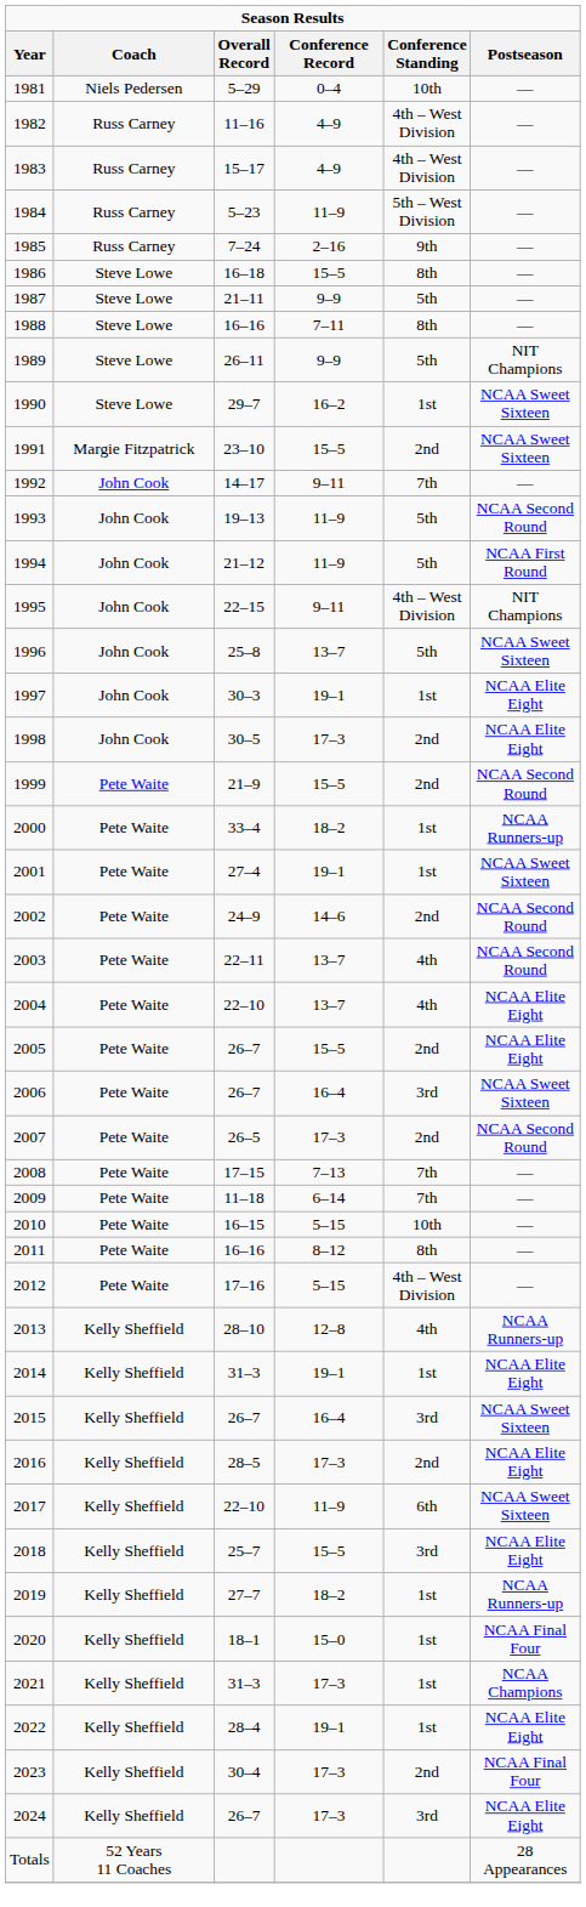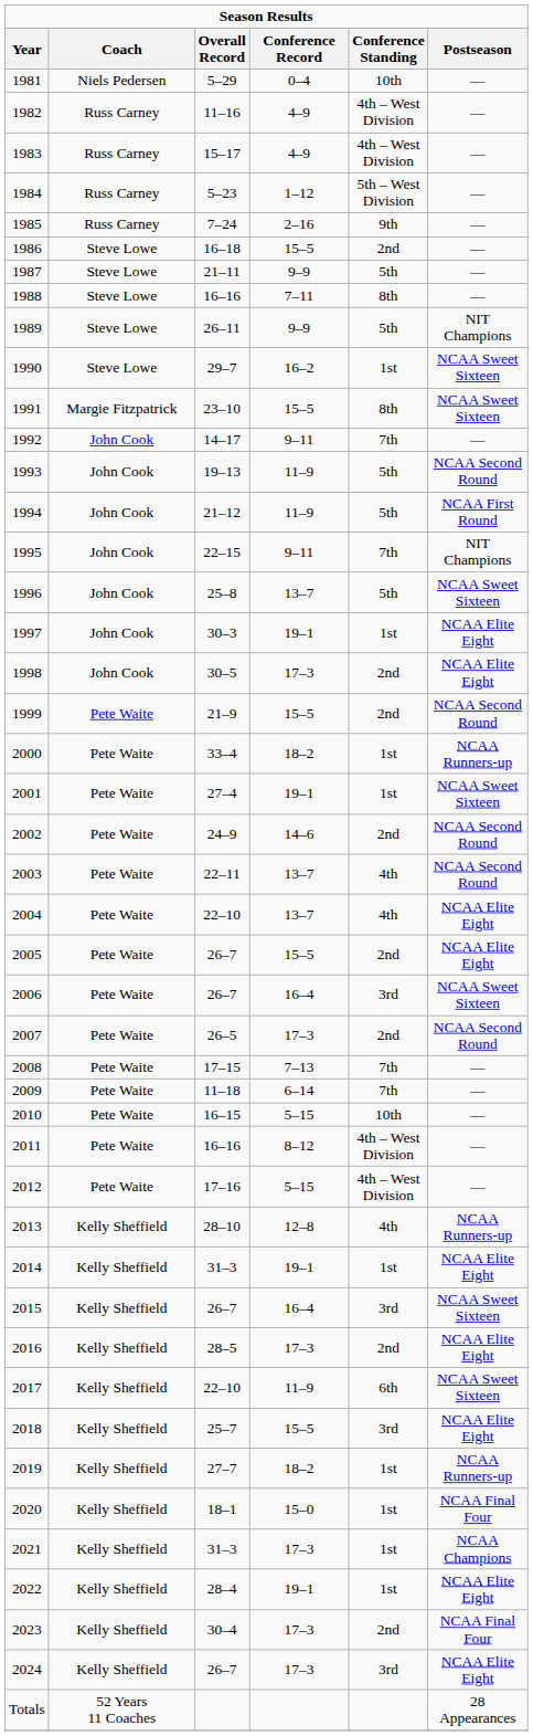 <table class="wikitable sortable" style="text-align:center">
 <tr>
 <td colspan="6"><strong>Season Results</strong></td>
 </tr>
 <tr>
 <th style="width:40px; ">Year</th>
 <th style="width:150px; ">Coach</th>
 <th style="width:40px; ">Overall Record</th>
 <th style="width:100px; ">Conference Record</th>
 <th style="width:40px; ">Conference Standing</th>
 <th style="width:100px; ">Postseason</th>
 </tr>
 <tr>
 <td>1981</td>
 <td>Niels Pedersen</td>
 <td>5–29</td>
 <td>0–4</td>
 <td>10th</td>
 <td>—</td>
 </tr>
 <tr>
 <td>1982</td>
 <td>Russ Carney</td>
 <td>11–16</td>
 <td>4–9</td>
 <td>4th – West Division</td>
 <td>—</td>
 </tr>
 <tr>
 <td>1983</td>
 <td>Russ Carney</td>
 <td>15–17</td>
 <td>4–9</td>
 <td>4th – West Division</td>
 <td>—</td>
 </tr>
 <tr>
 <td>1984</td>
 <td>Russ Carney</td>
 <td>5–23</td>
-<td>11–9</td>
+<td>1–12</td>
 <td>5th – West Division</td>
 <td>—</td>
 </tr>
 <tr>
 <td>1985</td>
 <td>Russ Carney</td>
 <td>7–24</td>
 <td>2–16</td>
 <td>9th</td>
 <td>—</td>
 </tr>
 <tr>
 <td>1986</td>
 <td>Steve Lowe</td>
 <td>16–18</td>
 <td>15–5</td>
-<td>8th</td>
+<td>2nd</td>
 <td>—</td>
 </tr>
 <tr>
 <td>1987</td>
 <td>Steve Lowe</td>
 <td>21–11</td>
 <td>9–9</td>
 <td>5th</td>
 <td>—</td>
 </tr>
 <tr>
 <td>1988</td>
 <td>Steve Lowe</td>
 <td>16–16</td>
 <td>7–11</td>
 <td>8th</td>
 <td>—</td>
 </tr>
 <tr>
 <td>1989</td>
 <td>Steve Lowe</td>
 <td>26–11</td>
 <td>9–9</td>
 <td>5th</td>
 <td>NIT Champions</td>
 </tr>
 <tr>
 <td>1990</td>
 <td>Steve Lowe</td>
 <td>29–7</td>
 <td>16–2</td>
 <td>1st</td>
 <td><a href='#'>NCAA Sweet Sixteen</a></td>
 </tr>
 <tr>
 <td>1991</td>
 <td>Margie Fitzpatrick</td>
 <td>23–10</td>
 <td>15–5</td>
-<td>2nd</td>
+<td>8th</td>
 <td><a href='#'>NCAA Sweet Sixteen</a></td>
 </tr>
 <tr>
 <td>1992</td>
 <td><a href='#'>John Cook</a></td>
 <td>14–17</td>
 <td>9–11</td>
 <td>7th</td>
 <td>—</td>
 </tr>
 <tr>
 <td>1993</td>
 <td>John Cook</td>
 <td>19–13</td>
 <td>11–9</td>
 <td>5th</td>
 <td><a href='#'>NCAA Second Round</a></td>
 </tr>
 <tr>
 <td>1994</td>
 <td>John Cook</td>
 <td>21–12</td>
 <td>11–9</td>
 <td>5th</td>
 <td><a href='#'>NCAA First Round</a></td>
 </tr>
 <tr>
 <td>1995</td>
 <td>John Cook</td>
 <td>22–15</td>
 <td>9–11</td>
-<td>4th – West Division</td>
+<td>7th</td>
 <td>NIT Champions</td>
 </tr>
 <tr>
 <td>1996</td>
 <td>John Cook</td>
 <td>25–8</td>
 <td>13–7</td>
 <td>5th</td>
 <td><a href='#'>NCAA Sweet Sixteen</a></td>
 </tr>
 <tr>
 <td>1997</td>
 <td>John Cook</td>
 <td>30–3</td>
 <td>19–1</td>
 <td>1st</td>
 <td><a href='#'>NCAA Elite Eight</a></td>
 </tr>
 <tr>
 <td>1998</td>
 <td>John Cook</td>
 <td>30–5</td>
 <td>17–3</td>
 <td>2nd</td>
 <td><a href='#'>NCAA Elite Eight</a></td>
 </tr>
 <tr>
 <td>1999</td>
 <td><a href='#'>Pete Waite</a></td>
 <td>21–9</td>
 <td>15–5</td>
 <td>2nd</td>
 <td><a href='#'>NCAA Second Round</a></td>
 </tr>
 <tr>
 <td>2000</td>
 <td>Pete Waite</td>
 <td>33–4</td>
 <td>18–2</td>
 <td>1st</td>
 <td><a href='#'>NCAA Runners-up</a></td>
 </tr>
 <tr>
 <td>2001</td>
 <td>Pete Waite</td>
 <td>27–4</td>
 <td>19–1</td>
 <td>1st</td>
 <td><a href='#'>NCAA Sweet Sixteen</a></td>
 </tr>
 <tr>
 <td>2002</td>
 <td>Pete Waite</td>
 <td>24–9</td>
 <td>14–6</td>
 <td>2nd</td>
 <td><a href='#'>NCAA Second Round</a></td>
 </tr>
 <tr>
 <td>2003</td>
 <td>Pete Waite</td>
 <td>22–11</td>
 <td>13–7</td>
 <td>4th</td>
 <td><a href='#'>NCAA Second Round</a></td>
 </tr>
 <tr>
 <td>2004</td>
 <td>Pete Waite</td>
 <td>22–10</td>
 <td>13–7</td>
 <td>4th</td>
 <td><a href='#'>NCAA Elite Eight</a></td>
 </tr>
 <tr>
 <td>2005</td>
 <td>Pete Waite</td>
 <td>26–7</td>
 <td>15–5</td>
 <td>2nd</td>
 <td><a href='#'>NCAA Elite Eight</a></td>
 </tr>
 <tr>
 <td>2006</td>
 <td>Pete Waite</td>
 <td>26–7</td>
 <td>16–4</td>
 <td>3rd</td>
 <td><a href='#'>NCAA Sweet Sixteen</a></td>
 </tr>
 <tr>
 <td>2007</td>
 <td>Pete Waite</td>
 <td>26–5</td>
 <td>17–3</td>
 <td>2nd</td>
 <td><a href='#'>NCAA Second Round</a></td>
 </tr>
 <tr>
 <td>2008</td>
 <td>Pete Waite</td>
 <td>17–15</td>
 <td>7–13</td>
 <td>7th</td>
 <td>—</td>
 </tr>
 <tr>
 <td>2009</td>
 <td>Pete Waite</td>
 <td>11–18</td>
 <td>6–14</td>
 <td>7th</td>
 <td>—</td>
 </tr>
 <tr>
 <td>2010</td>
 <td>Pete Waite</td>
 <td>16–15</td>
 <td>5–15</td>
 <td>10th</td>
 <td>—</td>
 </tr>
 <tr>
 <td>2011</td>
 <td>Pete Waite</td>
 <td>16–16</td>
 <td>8–12</td>
-<td>8th</td>
+<td>4th – West Division</td>
 <td>—</td>
 </tr>
 <tr>
 <td>2012</td>
 <td>Pete Waite</td>
 <td>17–16</td>
 <td>5–15</td>
 <td>4th – West Division</td>
 <td>—</td>
 </tr>
 <tr>
 <td>2013</td>
 <td>Kelly Sheffield</td>
 <td>28–10</td>
 <td>12–8</td>
 <td>4th</td>
 <td><a href='#'>NCAA Runners-up</a></td>
 </tr>
 <tr>
 <td>2014</td>
 <td>Kelly Sheffield</td>
 <td>31–3</td>
 <td>19–1</td>
 <td>1st</td>
 <td><a href='#'>NCAA Elite Eight</a></td>
 </tr>
 <tr>
 <td>2015</td>
 <td>Kelly Sheffield</td>
 <td>26–7</td>
 <td>16–4</td>
 <td>3rd</td>
 <td><a href='#'>NCAA Sweet Sixteen</a></td>
 </tr>
 <tr>
 <td>2016</td>
 <td>Kelly Sheffield</td>
 <td>28–5</td>
 <td>17–3</td>
 <td>2nd</td>
 <td><a href='#'>NCAA Elite Eight</a></td>
 </tr>
 <tr>
 <td>2017</td>
 <td>Kelly Sheffield</td>
 <td>22–10</td>
 <td>11–9</td>
 <td>6th</td>
 <td><a href='#'>NCAA Sweet Sixteen</a></td>
 </tr>
 <tr>
 <td>2018</td>
 <td>Kelly Sheffield</td>
 <td>25–7</td>
 <td>15–5</td>
 <td>3rd</td>
 <td><a href='#'>NCAA Elite Eight</a></td>
 </tr>
 <tr>
 <td>2019</td>
 <td>Kelly Sheffield</td>
 <td>27–7</td>
 <td>18–2</td>
 <td>1st</td>
 <td><a href='#'>NCAA Runners-up</a></td>
 </tr>
 <tr>
 <td>2020</td>
 <td>Kelly Sheffield</td>
 <td>18–1</td>
 <td>15–0</td>
 <td>1st</td>
 <td><a href='#'>NCAA Final Four</a></td>
 </tr>
 <tr>
 <td>2021</td>
 <td>Kelly Sheffield</td>
 <td>31–3</td>
 <td>17–3</td>
 <td>1st</td>
 <td><a href='#'>NCAA Champions</a></td>
 </tr>
 <tr>
 <td>2022</td>
 <td>Kelly Sheffield</td>
 <td>28–4</td>
 <td>19–1</td>
 <td>1st</td>
 <td><a href='#'>NCAA Elite Eight</a></td>
 </tr>
 <tr>
 <td>2023</td>
 <td>Kelly Sheffield</td>
 <td>30–4</td>
 <td>17–3</td>
 <td>2nd</td>
 <td><a href='#'>NCAA Final Four</a></td>
 </tr>
 <tr>
 <td>2024</td>
 <td>Kelly Sheffield</td>
 <td>26–7</td>
 <td>17–3</td>
 <td>3rd</td>
 <td><a href='#'>NCAA Elite Eight</a></td>
 </tr>
 <tr>
 <td>Totals</td>
 <td>52 Years<br>11 Coaches </td>
 <td></td>
 <td></td>
 <td></td>
 <td>28 Appearances</td>
 </tr>
 <tr>
 </tr>
 </table>
